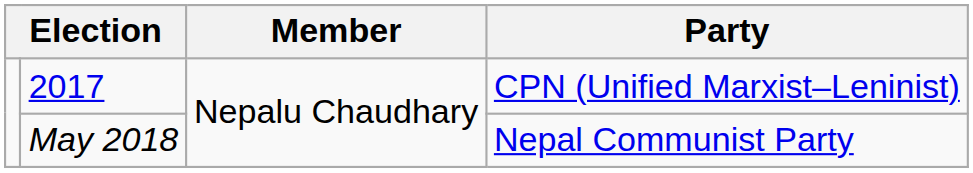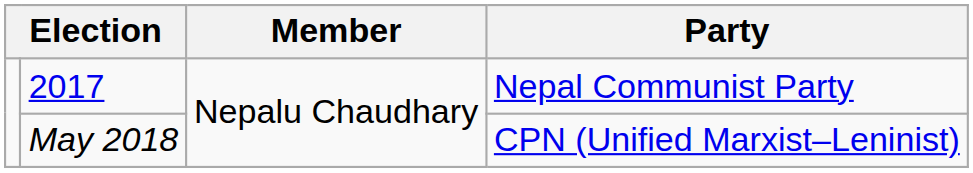 <table class="wikitable">
 <tr>
 <th colspan="2">Election</th>
 <th>Member</th>
 <th>Party</th>
 </tr>
 <tr>
 <td rowspan="2" style="background-color:"></td>
 <td><a href='#'>2017</a></td>
 <td rowspan="2">Nepalu Chaudhary</td>
-<td><a href='#'>CPN (Unified Marxist–Leninist)</a></td>
+<td><a href='#'>Nepal Communist Party</a></td>
 </tr>
 <tr>
 <td><em>May 2018</em></td>
-<td><a href='#'>Nepal Communist Party</a></td>
+<td><a href='#'>CPN (Unified Marxist–Leninist)</a></td>
 </tr>
 </table>
